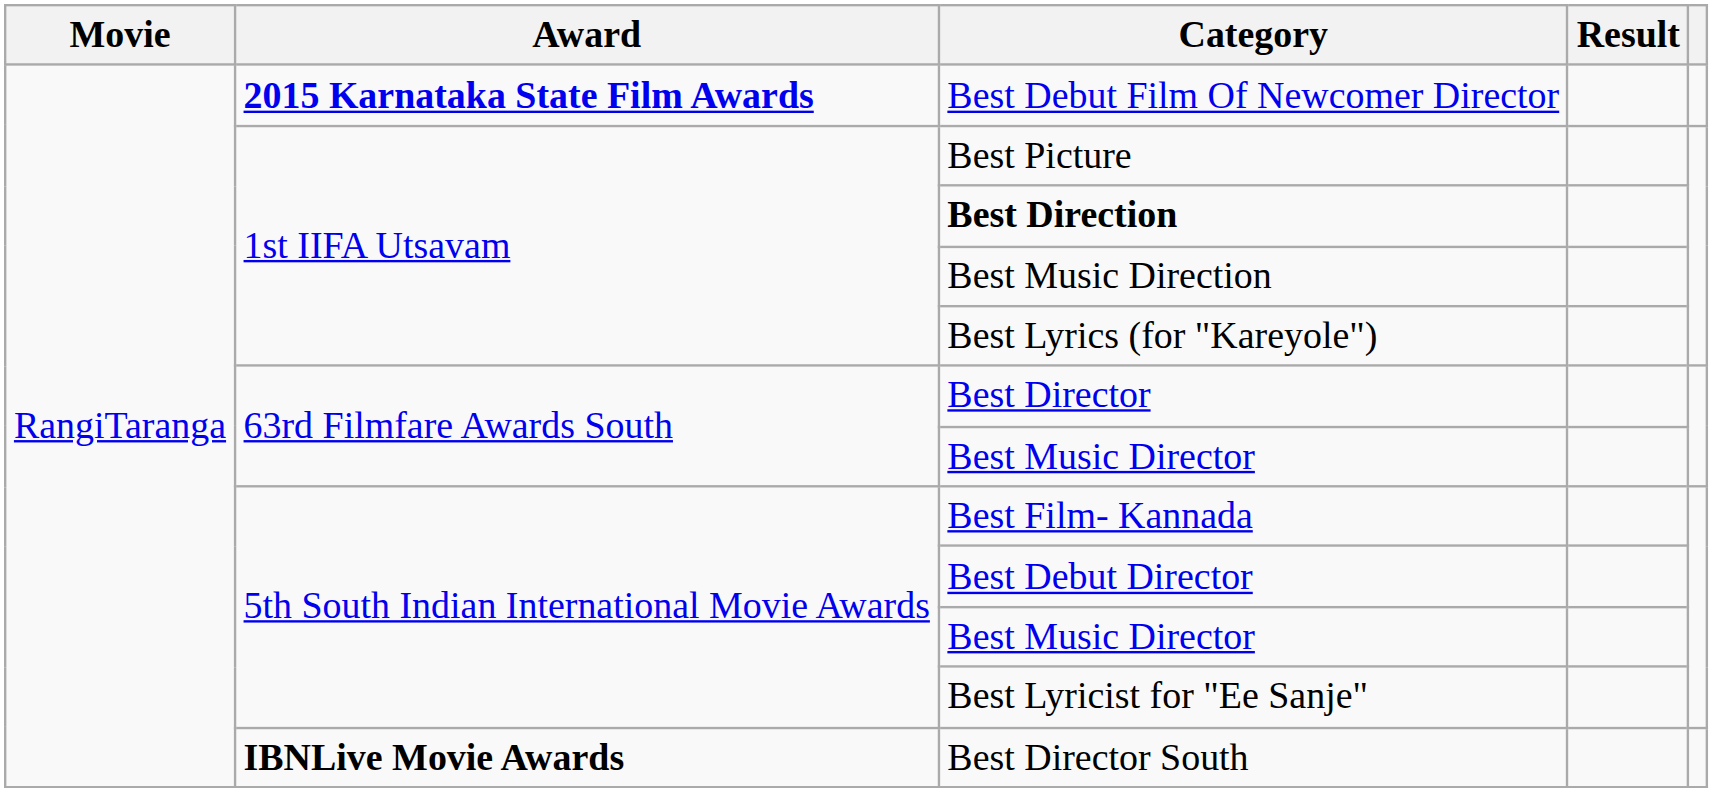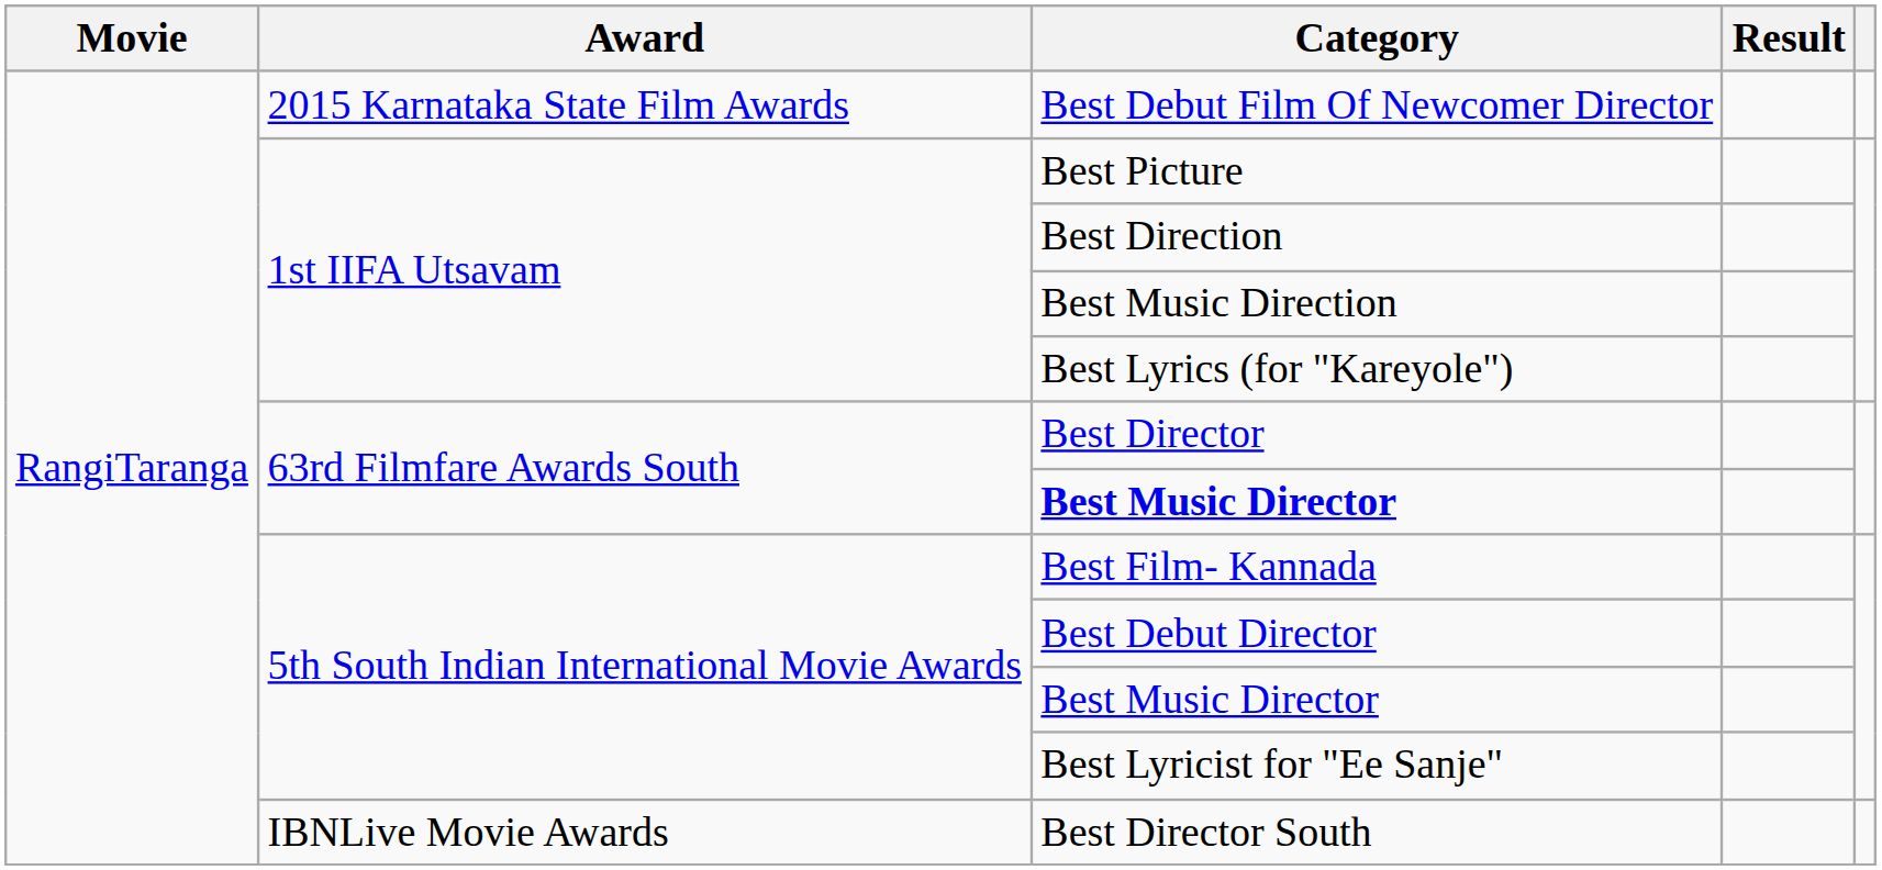 <table class="wikitable sortable">
 <tr>
 <th>Movie</th>
 <th>Award</th>
 <th>Category</th>
 <th>Result</th>
 <th></th>
 </tr>
 <tr>
 <td rowspan=12><a href='#'>RangiTaranga</a></td>
-<td><strong><a href='#'>2015 Karnataka State Film Awards</a></strong></td>
+<td><a href='#'>2015 Karnataka State Film Awards</a></td>
 <td><a href='#'>Best Debut Film Of Newcomer Director</a></td>
 <td></td>
 <td></td>
 </tr>
 <tr>
 <td rowspan=4><a href='#'>1st IIFA Utsavam</a></td>
 <td>Best Picture</td>
 <td></td>
 <td rowspan=4></td>
 </tr>
 <tr>
-<td><strong>Best Direction</strong></td>
+<td>Best Direction</td>
 <td></td>
 </tr>
 <tr>
 <td>Best Music Direction</td>
 <td></td>
 </tr>
 <tr>
 <td>Best Lyrics (for "Kareyole")</td>
 <td></td>
 </tr>
 <tr>
 <td rowspan=2><a href='#'>63rd Filmfare Awards South</a></td>
 <td><a href='#'>Best Director</a></td>
 <td></td>
 <td rowspan=2></td>
 </tr>
 <tr>
-<td><a href='#'>Best Music Director</a></td>
+<td><strong><a href='#'>Best Music Director</a></strong></td>
 <td></td>
 </tr>
 <tr>
 <td rowspan=4><a href='#'>5th South Indian International Movie Awards</a></td>
 <td><a href='#'>Best Film- Kannada</a></td>
 <td></td>
 <td rowspan=4></td>
 </tr>
 <tr>
 <td><a href='#'>Best Debut Director</a></td>
 <td></td>
 </tr>
 <tr>
 <td><a href='#'>Best Music Director</a></td>
 <td></td>
 </tr>
 <tr>
 <td>Best Lyricist for "Ee Sanje"</td>
 <td></td>
 </tr>
 <tr>
-<td><strong>IBNLive Movie Awards</strong></td>
+<td>IBNLive Movie Awards</td>
 <td>Best Director South</td>
 <td></td>
 <td></td>
 </tr>
 <tr>
 </tr>
 </table>
